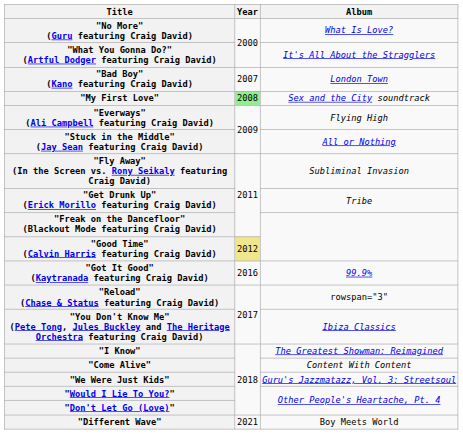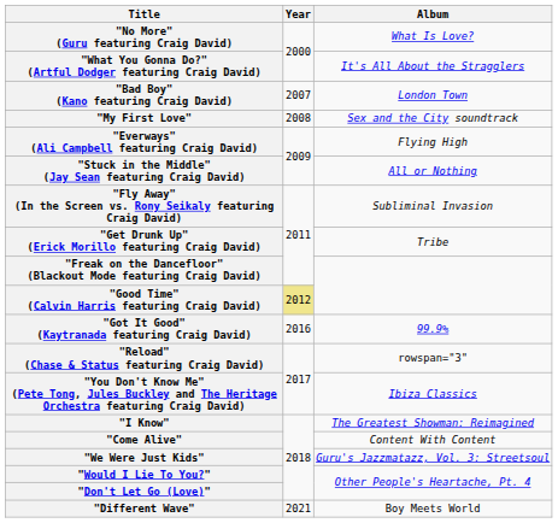 <table class="wikitable plainrowheaders" style="text-align:center;" border="1">
 <tr>
 <th scope="col" style="width:26em;">Title</th>
 <th scope="col" style="width:1em;">Year</th>
 <th scope="col">Album</th>
 </tr>
 <tr>
 <th scope="row">"No More"<br><span>(<a href='#'>Guru</a> featuring Craig David)</span></th>
 <td rowspan="2">2000</td>
 <td><em><a href='#'>What Is Love?</a></em></td>
 </tr>
 <tr>
 <th scope="row">"What You Gonna Do?"<br><span>(<a href='#'>Artful Dodger</a> featuring Craig David)</span></th>
 <td><em><a href='#'>It's All About the Stragglers</a></em></td>
 </tr>
 <tr>
 <th scope="row">"Bad Boy"<br><span>(<a href='#'>Kano</a> featuring Craig David)</span></th>
 <td>2007</td>
 <td><em><a href='#'>London Town</a></em></td>
 </tr>
 <tr>
 <th scope="row">"My First Love"</th>
-<td style="background: lightgreen;">2008</td>
+<td>2008</td>
 <td><em><a href='#'>Sex and the City</a> soundtrack</em></td>
 </tr>
 <tr>
 <th scope="row">"Everways"<br><span>(<a href='#'>Ali Campbell</a> featuring Craig David)</span></th>
 <td rowspan="2">2009</td>
 <td><em>Flying High</em></td>
 </tr>
 <tr>
 <th scope="row">"Stuck in the Middle"<br><span>(<a href='#'>Jay Sean</a> featuring Craig David)</span></th>
 <td><em><a href='#'>All or Nothing</a></em></td>
 </tr>
 <tr>
 <th scope="row">"Fly Away"<br><span>(In the Screen vs. <a href='#'>Rony Seikaly</a> featuring Craig David)</span></th>
 <td rowspan="3">2011</td>
 <td><em>Subliminal Invasion</em></td>
 </tr>
 <tr>
 <th scope="row">"Get Drunk Up"<br><span>(<a href='#'>Erick Morillo</a> featuring Craig David)</span></th>
 <td><em>Tribe</em></td>
 </tr>
 <tr>
 <th scope="row">"Freak on the Dancefloor"<br><span>(Blackout Mode featuring Craig David)</span></th>
 </tr>
 <tr>
 <th scope="row">"Good Time"<br><span>(<a href='#'>Calvin Harris</a> featuring Craig David)</span></th>
 <td style="background: khaki;">2012</td>
 </tr>
 <tr>
 <th scope="row">"Got It Good"<br><span>(<a href='#'>Kaytranada</a> featuring Craig David)</span></th>
 <td>2016</td>
 <td><em><a href='#'>99.9%</a></em></td>
 </tr>
 <tr>
 <th scope="row">"Reload"<br><span>(<a href='#'>Chase & Status</a> featuring Craig David)</span></th>
 <td rowspan="2">2017</td>
 <td>rowspan="3" </td>
 </tr>
 <tr>
 <th scope="row">"You Don't Know Me"<br><span>(<a href='#'>Pete Tong</a>, <a href='#'>Jules Buckley</a> and <a href='#'>The Heritage Orchestra</a> featuring Craig David)</span></th>
 <td><em><a href='#'>Ibiza Classics</a></em></td>
 </tr>
 <tr>
 <th scope="row">"I Know"<br></th>
 <td rowspan="5">2018</td>
 <td><em><a href='#'>The Greatest Showman: Reimagined</a></em></td>
 </tr>
 <tr>
 <th scope="row">"Come Alive"</th>
 <td><em>Content With Content</em></td>
 </tr>
 <tr>
 <th scope="row">"We Were Just Kids"<br></th>
 <td><em><a href='#'>Guru's Jazzmatazz, Vol. 3: Streetsoul</a></em></td>
 </tr>
 <tr>
 <th scope="row">"<a href='#'>Would I Lie To You?</a>"<br></th>
 <td rowspan="2"><em><a href='#'>Other People's Heartache, Pt. 4</a></em></td>
 </tr>
 <tr>
 <th scope="row">"<a href='#'>Don't Let Go (Love)</a>"<br></th>
 </tr>
 <tr>
 <th scope="row">"Different Wave"<br></th>
 <td rowspan="1">2021</td>
 <td rowspan="1">Boy Meets World</td>
 </tr>
 </table>
